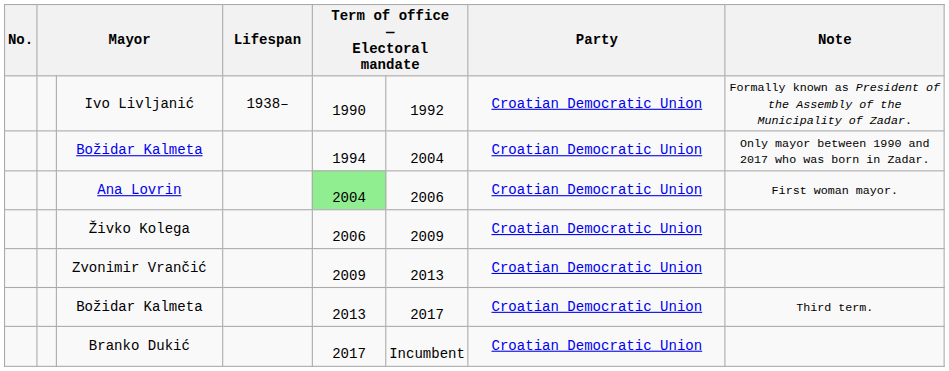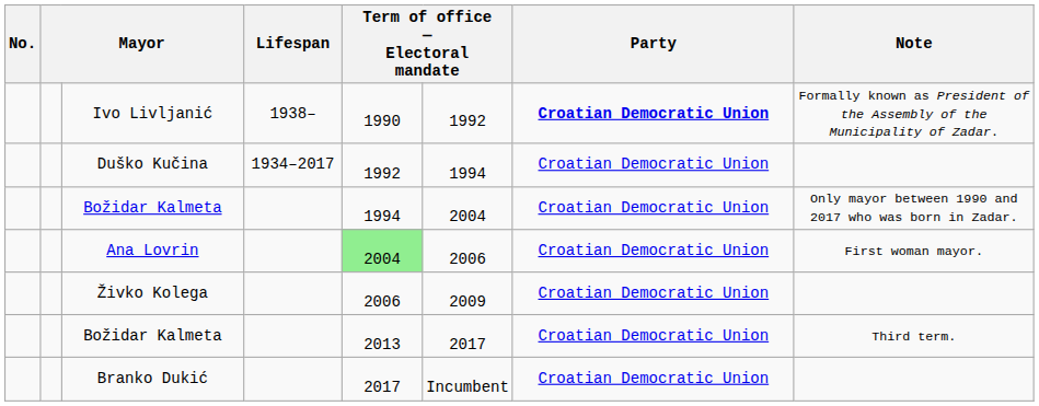 <table class="wikitable" style="text-align:center;">
 <tr>
 <th>No.</th>
 <th colspan=2>Mayor</th>
 <th>Lifespan</th>
 <th colspan="2">Term of office<br>—<br>Electoral<br>mandate</th>
 <th>Party</th>
 <th>Note</th>
 </tr>
 <tr>
 <td style="background: "></td>
 <td style="width:1em;"></td>
 <td style="width:12em;">Ivo Livljanić</td>
 <td style="width:6em;">1938–</td>
 <td style="width:5em;"><small></small><br>1990</td>
 <td style="width:5em;"><small></small><br>1992</td>
+<td style="width:19em;"><strong><a href='#'>Croatian Democratic Union</a></strong></td>
+<td style="width:16em;"><small>Formally known as <em>President of the Assembly of the Municipality of Zadar</em>.</small></td>
+</tr>
+<tr>
+<td style="background: "></td>
+<td style="width:1em;"></td>
+<td style="width:12em;">Duško Kučina</td>
+<td style="width:6em;">1934–2017</td>
+<td style="width:5em;"><small></small><br>1992</td>
+<td style="width:5em;"><small></small><br>1994</td>
 <td style="width:19em;"><a href='#'>Croatian Democratic Union</a></td>
-<td style="width:16em;"><small>Formally known as <em>President of the Assembly of the Municipality of Zadar</em>.</small></td>
+<td style="width:16em;"><small></small></td>
 </tr>
 <tr>
 <td style="background: "></td>
 <td style="width:1em;"></td>
 <td style="width:12em;"><a href='#'>Božidar Kalmeta</a></td>
 <td style="width:6em;"></td>
 <td style="width:5em;"><small></small><br>1994</td>
 <td style="width:5em;"><small></small><br>2004</td>
 <td style="width:19em;"><a href='#'>Croatian Democratic Union</a></td>
 <td style="width:16em;"><small>Only mayor between 1990 and 2017 who was born in Zadar.</small></td>
 </tr>
 <tr>
 <td style="background: "></td>
 <td style="width:1em;"></td>
 <td style="width:12em;"><a href='#'>Ana Lovrin</a></td>
 <td style="width:6em;"></td>
 <td style="background: lightgreen; width:5em;"><small></small><br>2004</td>
 <td style="width:5em;"><small></small><br>2006</td>
 <td style="width:19em;"><a href='#'>Croatian Democratic Union</a></td>
 <td style="width:16em;"><small>First woman mayor.</small></td>
 </tr>
 <tr>
 <td style="background: "></td>
 <td style="width:1em;"></td>
 <td style="width:12em;">Živko Kolega</td>
 <td style="width:6em;"></td>
 <td style="width:5em;"><small></small><br>2006</td>
 <td style="width:5em;"><small></small><br>2009</td>
 <td style="width:19em;"><a href='#'>Croatian Democratic Union</a></td>
 <td style="width:16em;"><small></small></td>
 </tr>
 <tr>
 <td style="background: "></td>
 <td style="width:1em;"></td>
-<td style="width:12em;">Zvonimir Vrančić</td>
-<td style="width:6em;"></td>
-<td style="width:5em;"><small></small><br>2009</td>
-<td style="width:5em;"><small></small><br>2013</td>
-<td style="width:19em;"><a href='#'>Croatian Democratic Union</a></td>
-<td style="width:16em;"><small></small></td>
-</tr>
-<tr>
-<td style="background: "></td>
-<td style="width:1em;"></td>
 <td style="width:12em;">Božidar Kalmeta</td>
 <td style="width:6em;"></td>
 <td style="width:5em;"><small></small><br>2013</td>
 <td style="width:5em;"><small></small><br>2017</td>
 <td style="width:19em;"><a href='#'>Croatian Democratic Union</a></td>
 <td style="width:16em;"><small>Third term.</small></td>
 </tr>
 <tr>
 <td style="background: "></td>
 <td style="width:1em;"></td>
 <td style="width:12em;">Branko Dukić</td>
 <td style="width:6em;"></td>
 <td style="width:5em;"><small></small><br>2017</td>
 <td style="width:5em;"><small></small><br>Incumbent</td>
 <td style="width:19em;"><a href='#'>Croatian Democratic Union</a></td>
 <td style="width:16em;"><small></small></td>
 </tr>
 </table>
